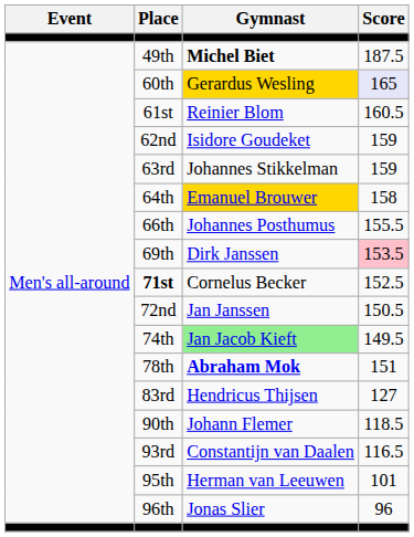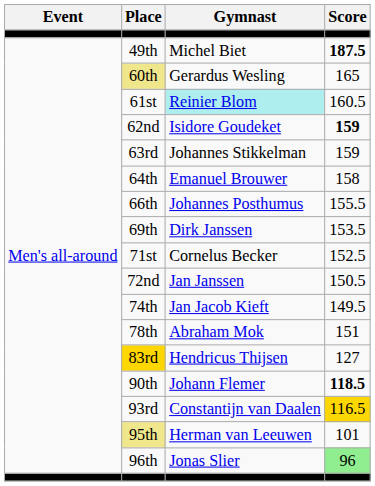 <table class=wikitable>
 <tr>
 <th>Event</th>
 <th>Place</th>
 <th>Gymnast</th>
 <th>Score</th>
 </tr>
 <tr bgcolor=black>
 <td></td>
 <td></td>
 <td></td>
 <td></td>
 </tr>
 <tr align=center>
 <td rowspan=17 align=left><a href='#'>Men's all-around</a></td>
 <td>49th</td>
-<td align=left><strong>Michel Biet</strong></td>
-<td>187.5</td>
+<td align=left>Michel Biet</td>
+<td><strong>187.5</strong></td>
 </tr>
 <tr align=center>
-<td>60th</td>
-<td align=left style="background: gold;">Gerardus Wesling</td>
-<td style="background: lavender;">165</td>
+<td style="background: khaki;">60th</td>
+<td align=left>Gerardus Wesling</td>
+<td>165</td>
 </tr>
 <tr align=center>
 <td>61st</td>
-<td align=left><a href='#'>Reinier Blom</a></td>
+<td align=left style="background: paleturquoise;"><a href='#'>Reinier Blom</a></td>
 <td>160.5</td>
 </tr>
 <tr align=center>
 <td>62nd</td>
 <td align=left><a href='#'>Isidore Goudeket</a></td>
-<td>159</td>
+<td><strong>159</strong></td>
 </tr>
 <tr align=center>
 <td>63rd</td>
 <td align=left>Johannes Stikkelman</td>
 <td>159</td>
 </tr>
 <tr align=center>
 <td>64th</td>
-<td align=left style="background: gold;"><a href='#'>Emanuel Brouwer</a></td>
+<td align=left><a href='#'>Emanuel Brouwer</a></td>
 <td>158</td>
 </tr>
 <tr align=center>
 <td>66th</td>
 <td align=left><a href='#'>Johannes Posthumus</a></td>
 <td>155.5</td>
 </tr>
 <tr align=center>
 <td>69th</td>
 <td align=left><a href='#'>Dirk Janssen</a></td>
-<td style="background: pink;">153.5</td>
+<td>153.5</td>
 </tr>
 <tr align=center>
-<td><strong>71st</strong></td>
+<td>71st</td>
 <td align=left>Cornelus Becker</td>
 <td>152.5</td>
 </tr>
 <tr align=center>
 <td>72nd</td>
 <td align=left><a href='#'>Jan Janssen</a></td>
 <td>150.5</td>
 </tr>
 <tr align=center>
 <td>74th</td>
-<td align=left style="background: lightgreen;"><a href='#'>Jan Jacob Kieft</a></td>
+<td align=left><a href='#'>Jan Jacob Kieft</a></td>
 <td>149.5</td>
 </tr>
 <tr align=center>
 <td>78th</td>
-<td align=left><strong><a href='#'>Abraham Mok</a></strong></td>
+<td align=left><a href='#'>Abraham Mok</a></td>
 <td>151</td>
 </tr>
 <tr align=center>
-<td>83rd</td>
+<td style="background: gold;">83rd</td>
 <td align=left><a href='#'>Hendricus Thijsen</a></td>
 <td>127</td>
 </tr>
 <tr align=center>
 <td>90th</td>
 <td align=left><a href='#'>Johann Flemer</a></td>
-<td>118.5</td>
+<td><strong>118.5</strong></td>
 </tr>
 <tr align=center>
 <td>93rd</td>
 <td align=left><a href='#'>Constantijn van Daalen</a></td>
-<td>116.5</td>
+<td style="background: gold;">116.5</td>
 </tr>
 <tr align=center>
-<td>95th</td>
+<td style="background: khaki;">95th</td>
 <td align=left><a href='#'>Herman van Leeuwen</a></td>
 <td>101</td>
 </tr>
 <tr align=center>
 <td>96th</td>
 <td align=left><a href='#'>Jonas Slier</a></td>
-<td>96</td>
+<td style="background: lightgreen;">96</td>
 </tr>
 <tr bgcolor=black>
 <td></td>
 <td></td>
 <td></td>
 <td></td>
 </tr>
 </table>
